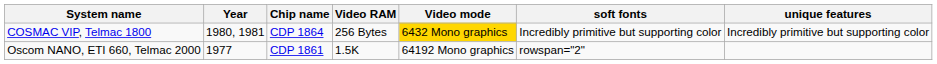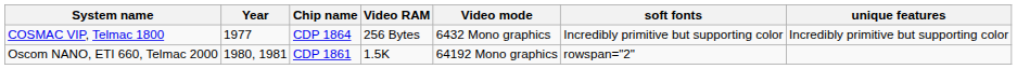 <table class="wikitable" style="font-size: 90%;">
 <tr>
 <th>System name</th>
 <th>Year</th>
 <th>Chip name</th>
 <th>Video RAM</th>
 <th>Video mode</th>
 <th>soft fonts</th>
 <th>unique features</th>
 </tr>
 <tr>
 <td><a href='#'>COSMAC VIP</a>, <a href='#'>Telmac 1800</a></td>
-<td>1980, 1981</td>
+<td>1977</td>
 <td><a href='#'>CDP 1864</a></td>
 <td>256 Bytes</td>
-<td style="background: gold;">6432 Mono graphics</td>
+<td>6432 Mono graphics</td>
 <td>Incredibly primitive but supporting color</td>
 <td>Incredibly primitive but supporting color</td>
 </tr>
 <tr>
 <td>Oscom NANO, ETI 660, Telmac 2000</td>
-<td>1977</td>
+<td>1980, 1981</td>
 <td><a href='#'>CDP 1861</a></td>
 <td>1.5K</td>
 <td>64192 Mono graphics</td>
 <td>rowspan="2" </td>
 </tr>
 </table>
